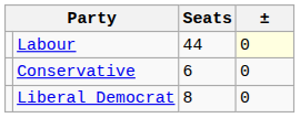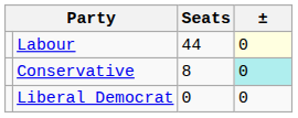 <table class="wikitable">
 <tr>
 <th colspan="2">Party</th>
 <th>Seats</th>
 <th>  ±  </th>
 </tr>
 <tr>
 <td style="background-color: "></td>
 <td><a href='#'>Labour</a></td>
 <td>44</td>
 <td style="background: lightyellow;">0</td>
 </tr>
 <tr>
 <td style="background-color: "></td>
 <td><a href='#'>Conservative</a></td>
-<td>6</td>
-<td>0</td>
+<td>8</td>
+<td style="background: paleturquoise;">0</td>
 </tr>
 <tr>
 <td style="background-color: "></td>
 <td><a href='#'>Liberal Democrat</a></td>
-<td>8</td>
+<td>0</td>
 <td>0</td>
 </tr>
 </table>
